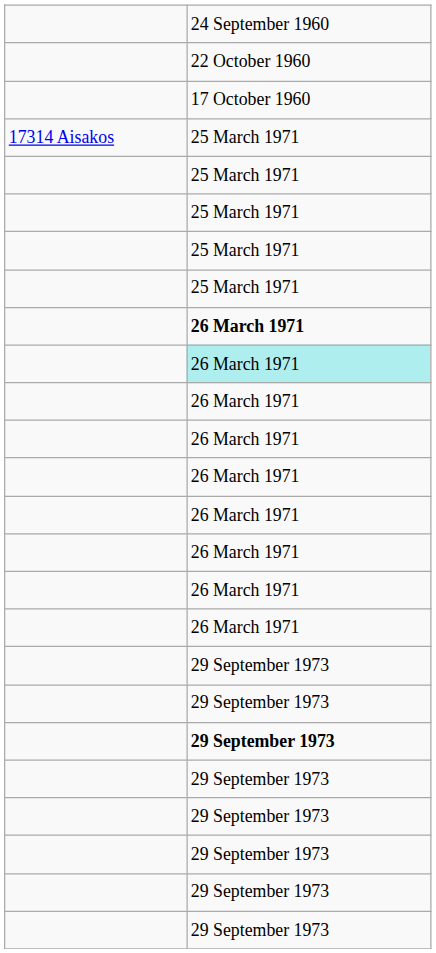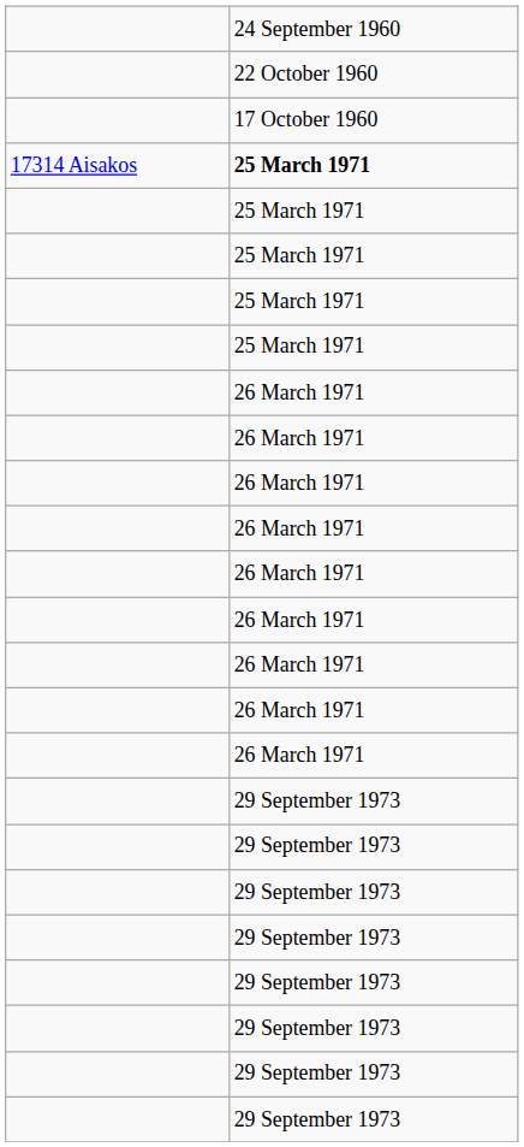 <table class="wikitable" style="font-size: 89%; float: left; width: 24em; margin-right: 1em; line-height: 1.65em">
 <tr>
 <td></td>
 <td>24 September 1960</td>
 </tr>
 <tr>
 <td></td>
 <td>22 October 1960</td>
 </tr>
 <tr>
 <td></td>
 <td>17 October 1960</td>
 </tr>
 <tr>
 <td><a href='#'>17314 Aisakos</a></td>
-<td>25 March 1971</td>
+<td><strong>25 March 1971</strong></td>
 </tr>
 <tr>
 <td></td>
 <td>25 March 1971</td>
 </tr>
 <tr>
 <td></td>
 <td>25 March 1971</td>
 </tr>
 <tr>
 <td></td>
 <td>25 March 1971</td>
 </tr>
 <tr>
 <td></td>
 <td>25 March 1971</td>
 </tr>
 <tr>
 <td></td>
-<td><strong>26 March 1971</strong></td>
+<td>26 March 1971</td>
 </tr>
 <tr>
 <td></td>
-<td style="background: paleturquoise;">26 March 1971</td>
+<td>26 March 1971</td>
 </tr>
 <tr>
 <td></td>
 <td>26 March 1971</td>
 </tr>
 <tr>
 <td></td>
 <td>26 March 1971</td>
 </tr>
 <tr>
 <td></td>
 <td>26 March 1971</td>
 </tr>
 <tr>
 <td></td>
 <td>26 March 1971</td>
 </tr>
 <tr>
 <td></td>
 <td>26 March 1971</td>
 </tr>
 <tr>
 <td></td>
 <td>26 March 1971</td>
 </tr>
 <tr>
 <td></td>
 <td>26 March 1971</td>
 </tr>
 <tr>
 <td></td>
 <td>29 September 1973</td>
 </tr>
 <tr>
 <td></td>
 <td>29 September 1973</td>
 </tr>
 <tr>
 <td></td>
-<td><strong>29 September 1973</strong></td>
+<td>29 September 1973</td>
 </tr>
 <tr>
 <td></td>
 <td>29 September 1973</td>
 </tr>
 <tr>
 <td></td>
 <td>29 September 1973</td>
 </tr>
 <tr>
 <td></td>
 <td>29 September 1973</td>
 </tr>
 <tr>
 <td></td>
 <td>29 September 1973</td>
 </tr>
 <tr>
 <td></td>
 <td>29 September 1973</td>
 </tr>
 </table>
